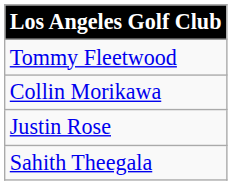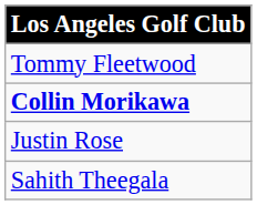 <table class="wikitable">
 <tr>
 <th Style="background:#000000;color:#FFFFFF">Los Angeles Golf Club</th>
 </tr>
 <tr>
 <td> <a href='#'>Tommy Fleetwood</a></td>
 </tr>
 <tr>
-<td> <a href='#'>Collin Morikawa</a></td>
+<td><strong> <a href='#'>Collin Morikawa</a></strong></td>
 </tr>
 <tr>
 <td> <a href='#'>Justin Rose</a></td>
 </tr>
 <tr>
 <td> <a href='#'>Sahith Theegala</a></td>
 </tr>
 </table>
